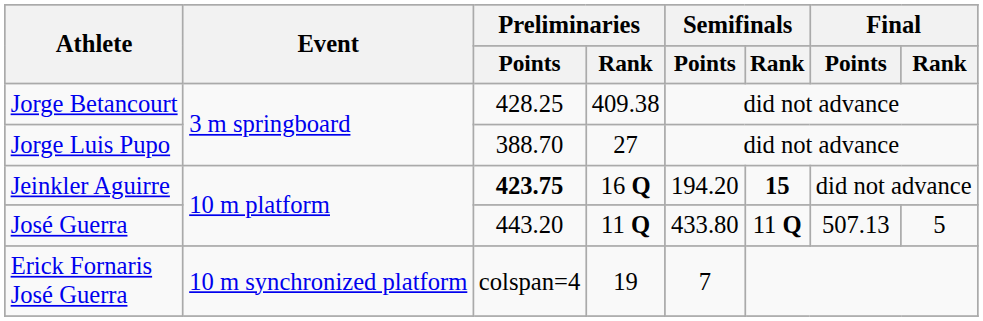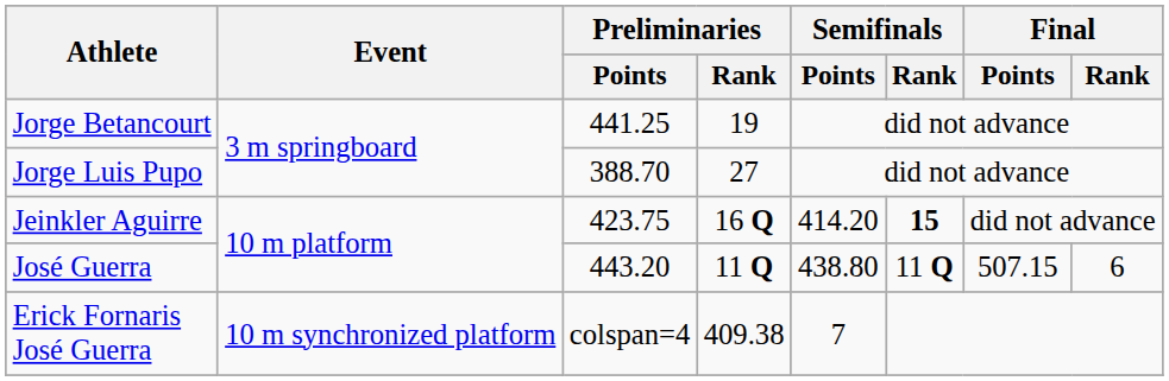 <table class="wikitable" style="font-size:90%">
 <tr>
 <th rowspan="2">Athlete</th>
 <th rowspan="2">Event</th>
 <th colspan=2>Preliminaries</th>
 <th colspan=2>Semifinals</th>
 <th colspan=2>Final</th>
 </tr>
 <tr style="font-size:95%">
 <th>Points</th>
 <th>Rank</th>
 <th>Points</th>
 <th>Rank</th>
 <th>Points</th>
 <th>Rank</th>
 </tr>
 <tr align=center>
 <td align=left><a href='#'>Jorge Betancourt</a></td>
 <td align=left rowspan=2><a href='#'>3 m springboard</a></td>
-<td>428.25</td>
-<td>409.38</td>
+<td>441.25</td>
+<td>19</td>
 <td colspan=4>did not advance</td>
 </tr>
 <tr align=center>
 <td align=left><a href='#'>Jorge Luis Pupo</a></td>
 <td>388.70</td>
 <td>27</td>
 <td colspan=4>did not advance</td>
 </tr>
 <tr align=center>
 <td align=left><a href='#'>Jeinkler Aguirre</a></td>
 <td align=left rowspan=2><a href='#'>10 m platform</a></td>
-<td><strong>423.75</strong></td>
+<td>423.75</td>
 <td>16 <strong>Q</strong></td>
-<td>194.20</td>
+<td>414.20</td>
 <td><strong>15</strong></td>
 <td colspan=2>did not advance</td>
 </tr>
 <tr align=center>
 <td align=left><a href='#'>José Guerra</a></td>
 <td>443.20</td>
 <td>11 <strong>Q</strong></td>
-<td>433.80</td>
+<td>438.80</td>
 <td>11 <strong>Q</strong></td>
-<td>507.13</td>
-<td>5</td>
+<td>507.15</td>
+<td>6</td>
 </tr>
 <tr align=center>
 <td align=left><a href='#'>Erick Fornaris</a><br><a href='#'>José Guerra</a></td>
 <td align=left><a href='#'>10 m synchronized platform</a></td>
 <td>colspan=4 </td>
-<td>19</td>
+<td>409.38</td>
 <td>7</td>
 </tr>
 </table>
